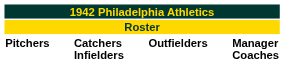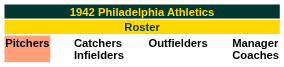 <table class="toccolours" style="font-size: 95%;">
 <tr>
 <th colspan="10" style="background-color: #003831; color: #FFD800; text-align: center;">1942 Philadelphia Athletics</th>
 </tr>
 <tr>
 <td colspan="10" style="background-color: #FFD800; color: #003831; text-align: center;"><strong>Roster</strong></td>
 </tr>
 <tr>
-<td valign="top"><strong>Pitchers</strong><br>               </td>
+<td valign="top" style="background: lightsalmon;"><strong>Pitchers</strong><br>               </td>
 <td width="25px"></td>
 <td valign="top"><strong>Catchers</strong><br>     <strong>Infielders</strong>          </td>
 <td width="25px"></td>
 <td valign="top"><strong>Outfielders</strong><br>      </td>
 <td width="25px"></td>
 <td valign="top"><strong>Manager</strong><br> <strong>Coaches</strong>     </td>
 </tr>
 </table>
